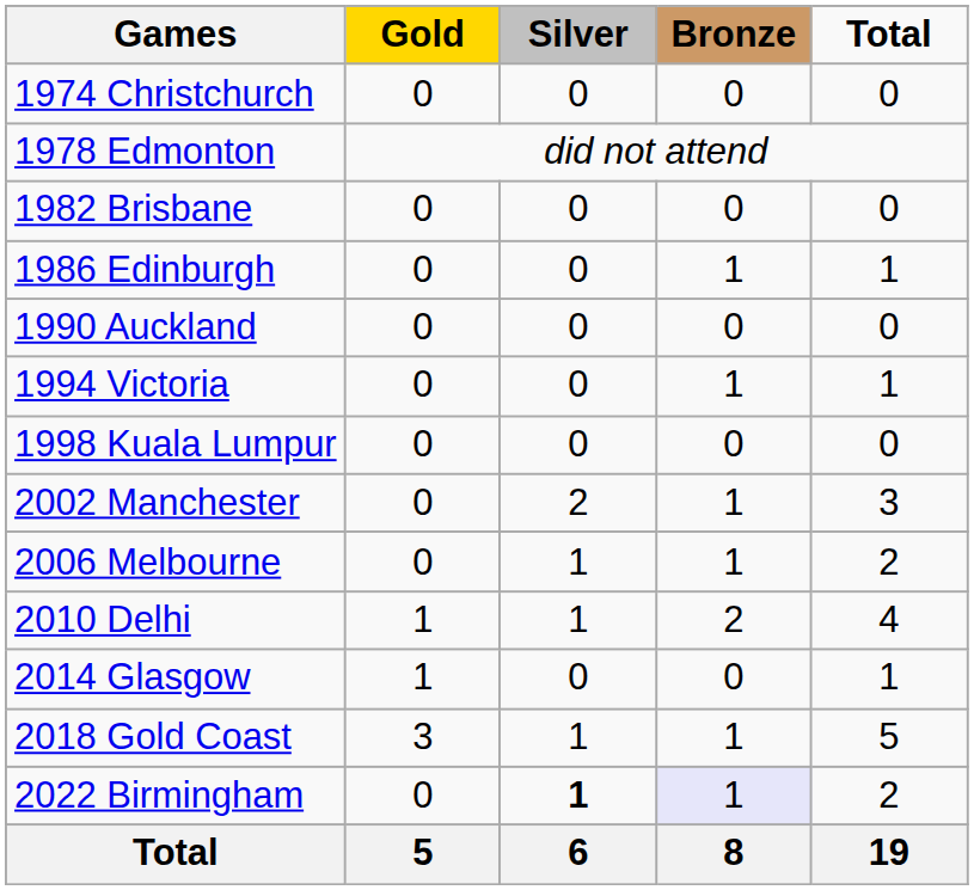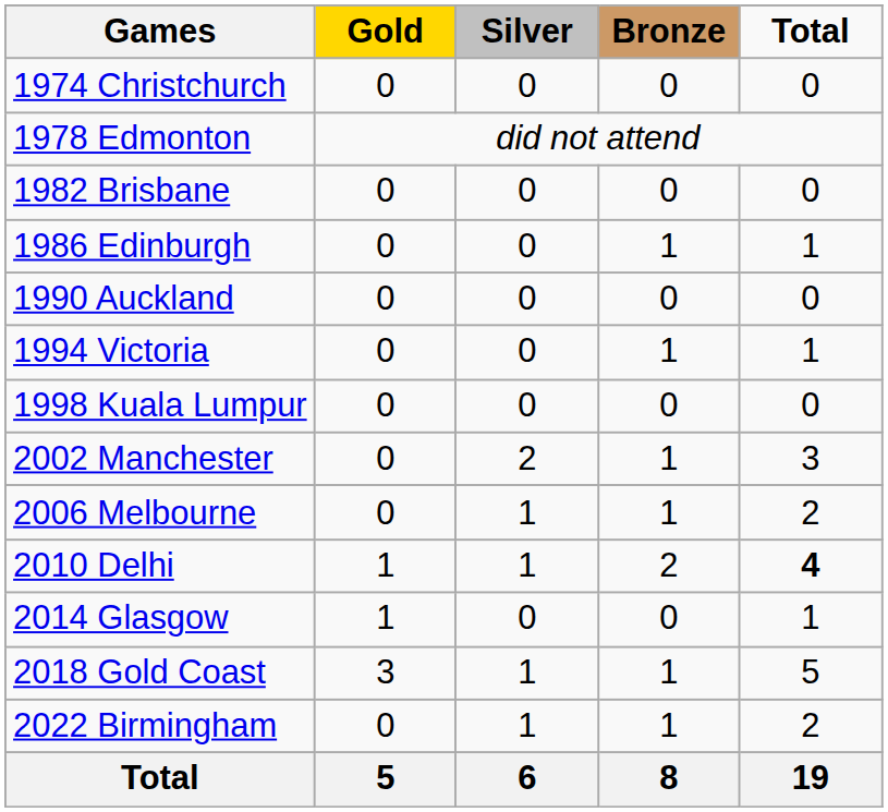 <table class="wikitable sortable" style="text-align:center">
 <tr>
 <th>Games</th>
 <td width=60 bgcolor=gold><strong>Gold</strong></td>
 <td width=60 bgcolor=silver><strong>Silver</strong></td>
 <td width=60 bgcolor=cc9966><strong>Bronze</strong></td>
 <td width=60><strong>Total</strong></td>
 </tr>
 <tr>
 <td align=left><a href='#'>1974 Christchurch</a></td>
 <td>0</td>
 <td>0</td>
 <td>0</td>
 <td>0</td>
 </tr>
 <tr>
 <td align=left><a href='#'>1978 Edmonton</a></td>
 <td colspan=4><em>did not attend</em></td>
 </tr>
 <tr>
 <td align=left><a href='#'>1982 Brisbane</a></td>
 <td>0</td>
 <td>0</td>
 <td>0</td>
 <td>0</td>
 </tr>
 <tr>
 <td align=left><a href='#'>1986 Edinburgh</a></td>
 <td>0</td>
 <td>0</td>
 <td>1</td>
 <td>1</td>
 </tr>
 <tr>
 <td align=left><a href='#'>1990 Auckland</a></td>
 <td>0</td>
 <td>0</td>
 <td>0</td>
 <td>0</td>
 </tr>
 <tr>
 <td align=left><a href='#'>1994 Victoria</a></td>
 <td>0</td>
 <td>0</td>
 <td>1</td>
 <td>1</td>
 </tr>
 <tr>
 <td align=left><a href='#'>1998 Kuala Lumpur</a></td>
 <td>0</td>
 <td>0</td>
 <td>0</td>
 <td>0</td>
 </tr>
 <tr>
 <td align=left><a href='#'>2002 Manchester</a></td>
 <td>0</td>
 <td>2</td>
 <td>1</td>
 <td>3</td>
 </tr>
 <tr>
 <td align=left><a href='#'>2006 Melbourne</a></td>
 <td>0</td>
 <td>1</td>
 <td>1</td>
 <td>2</td>
 </tr>
 <tr>
 <td align=left><a href='#'>2010 Delhi</a></td>
 <td>1</td>
 <td>1</td>
 <td>2</td>
-<td>4</td>
+<td><strong>4</strong></td>
 </tr>
 <tr>
 <td align=left><a href='#'>2014 Glasgow</a></td>
 <td>1</td>
 <td>0</td>
 <td>0</td>
 <td>1</td>
 </tr>
 <tr>
 <td align=left><a href='#'>2018 Gold Coast</a></td>
 <td>3</td>
 <td>1</td>
 <td>1</td>
 <td>5</td>
 </tr>
 <tr>
 <td align=left><a href='#'>2022 Birmingham</a></td>
 <td>0</td>
-<td><strong>1</strong></td>
-<td style="background: lavender;">1</td>
+<td>1</td>
+<td>1</td>
 <td>2</td>
 </tr>
 <tr>
 <th>Total</th>
 <th>5</th>
 <th>6</th>
 <th>8</th>
 <th>19</th>
 </tr>
 </table>
